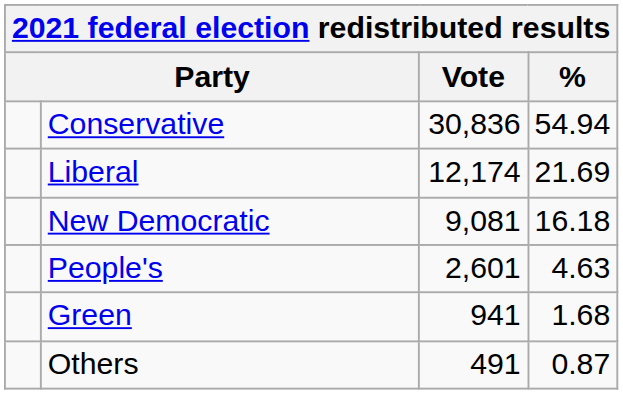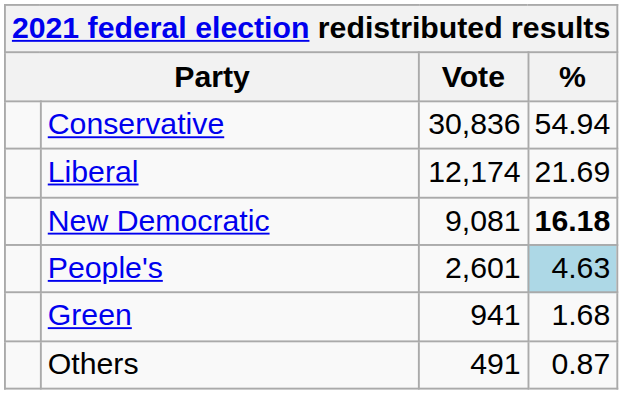 <table class="wikitable">
 <tr>
 <th colspan="4"><a href='#'>2021 federal election</a> redistributed results</th>
 </tr>
 <tr>
 <th bgcolor="#DDDDFF" width="130px" colspan="2">Party</th>
 <th bgcolor="#DDDDFF" width="50px">Vote</th>
 <th bgcolor="#DDDDFF" width="30px">%</th>
 </tr>
 <tr>
 <td> </td>
 <td><a href='#'>Conservative</a></td>
 <td align=right>30,836</td>
 <td align=right>54.94</td>
 </tr>
 <tr>
 <td> </td>
 <td><a href='#'>Liberal</a></td>
 <td align=right>12,174</td>
 <td align=right>21.69</td>
 </tr>
 <tr>
 <td> </td>
 <td><a href='#'>New Democratic</a></td>
 <td align=right>9,081</td>
-<td align=right>16.18</td>
+<td align=right><strong>16.18</strong></td>
 </tr>
 <tr>
 <td> </td>
 <td><a href='#'>People's</a></td>
 <td align=right>2,601</td>
-<td align=right>4.63</td>
+<td align=right style="background: lightblue;">4.63</td>
 </tr>
 <tr>
 <td> </td>
 <td><a href='#'>Green</a></td>
 <td align=right>941</td>
 <td align=right>1.68</td>
 </tr>
 <tr>
 <td> </td>
 <td>Others</td>
 <td align=right>491</td>
 <td align=right>0.87</td>
 </tr>
 </table>
